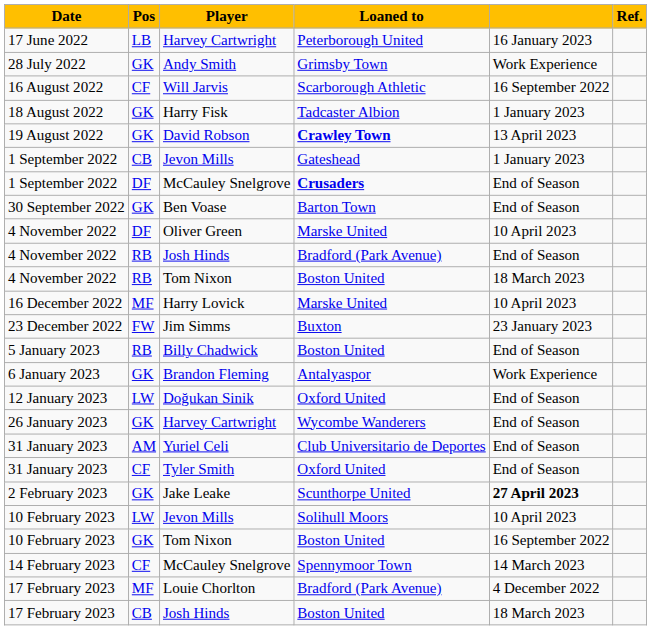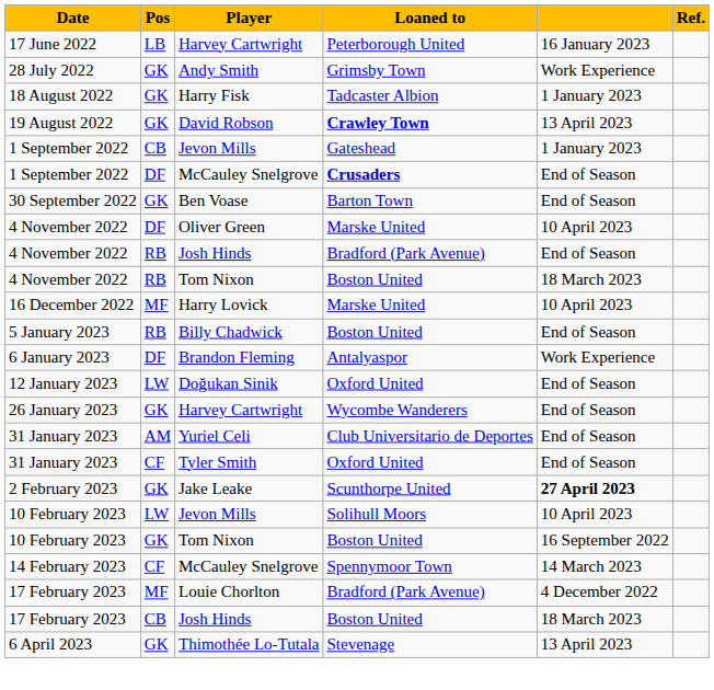 <table class="wikitable plainrowheaders sortable">
 <tr>
 <th style="background:#ffbf00; color:#000000; ">Date</th>
 <th style="background:#ffbf00; color:#000000; ">Pos</th>
 <th style="background:#ffbf00; color:#000000; ">Player</th>
 <th style="background:#ffbf00; color:#000000; ">Loaned to</th>
 <th style="background:#ffbf00; color:#000000; "></th>
 <th style="background:#ffbf00; color:#000000; ">Ref.</th>
 </tr>
 <tr>
 <td>17 June 2022</td>
 <td><a href='#'>LB</a></td>
 <td> <a href='#'>Harvey Cartwright</a></td>
 <td> <a href='#'>Peterborough United</a></td>
 <td>16 January 2023</td>
 <td></td>
 </tr>
 <tr>
 <td>28 July 2022</td>
 <td><a href='#'>GK</a></td>
 <td> <a href='#'>Andy Smith</a></td>
 <td> <a href='#'>Grimsby Town</a></td>
 <td>Work Experience</td>
-<td></td>
-</tr>
-<tr>
-<td>16 August 2022</td>
-<td><a href='#'>CF</a></td>
-<td> <a href='#'>Will Jarvis</a></td>
-<td> <a href='#'>Scarborough Athletic</a></td>
-<td>16 September 2022</td>
 <td></td>
 </tr>
 <tr>
 <td>18 August 2022</td>
 <td><a href='#'>GK</a></td>
 <td> Harry Fisk</td>
 <td> <a href='#'>Tadcaster Albion</a></td>
 <td>1 January 2023</td>
 <td></td>
 </tr>
 <tr>
 <td>19 August 2022</td>
 <td><a href='#'>GK</a></td>
 <td> <a href='#'>David Robson</a></td>
 <td><strong> <a href='#'>Crawley Town</a></strong></td>
 <td>13 April 2023</td>
 <td></td>
 </tr>
 <tr>
 <td>1 September 2022</td>
 <td><a href='#'>CB</a></td>
 <td> <a href='#'>Jevon Mills</a></td>
 <td> <a href='#'>Gateshead</a></td>
 <td>1 January 2023</td>
 <td></td>
 </tr>
 <tr>
 <td>1 September 2022</td>
 <td><a href='#'>DF</a></td>
 <td> McCauley Snelgrove</td>
 <td><strong> <a href='#'>Crusaders</a></strong></td>
 <td>End of Season</td>
 <td></td>
 </tr>
 <tr>
 <td>30 September 2022</td>
 <td><a href='#'>GK</a></td>
 <td> Ben Voase</td>
 <td> <a href='#'>Barton Town</a></td>
 <td>End of Season</td>
 <td></td>
 </tr>
 <tr>
 <td>4 November 2022</td>
 <td><a href='#'>DF</a></td>
 <td> Oliver Green</td>
 <td> <a href='#'>Marske United</a></td>
 <td>10 April 2023</td>
 <td></td>
 </tr>
 <tr>
 <td>4 November 2022</td>
 <td><a href='#'>RB</a></td>
 <td> <a href='#'>Josh Hinds</a></td>
 <td> <a href='#'>Bradford (Park Avenue)</a></td>
 <td>End of Season</td>
 <td></td>
 </tr>
 <tr>
 <td>4 November 2022</td>
 <td><a href='#'>RB</a></td>
 <td> Tom Nixon</td>
 <td> <a href='#'>Boston United</a></td>
 <td>18 March 2023</td>
 <td></td>
 </tr>
 <tr>
 <td>16 December 2022</td>
 <td><a href='#'>MF</a></td>
 <td> Harry Lovick</td>
 <td> <a href='#'>Marske United</a></td>
 <td>10 April 2023</td>
 <td></td>
 </tr>
 <tr>
-<td>23 December 2022</td>
-<td><a href='#'>FW</a></td>
-<td> Jim Simms</td>
-<td> <a href='#'>Buxton</a></td>
-<td>23 January 2023</td>
-<td></td>
-</tr>
-<tr>
 <td>5 January 2023</td>
 <td><a href='#'>RB</a></td>
 <td> <a href='#'>Billy Chadwick</a></td>
 <td> <a href='#'>Boston United</a></td>
 <td>End of Season</td>
 <td></td>
 </tr>
 <tr>
 <td>6 January 2023</td>
-<td><a href='#'>GK</a></td>
+<td><a href='#'>DF</a></td>
 <td> <a href='#'>Brandon Fleming</a></td>
 <td> <a href='#'>Antalyaspor</a></td>
 <td>Work Experience</td>
 <td></td>
 </tr>
 <tr>
 <td>12 January 2023</td>
 <td><a href='#'>LW</a></td>
 <td> <a href='#'>Doğukan Sinik</a></td>
 <td> <a href='#'>Oxford United</a></td>
 <td>End of Season</td>
 <td></td>
 </tr>
 <tr>
 <td>26 January 2023</td>
 <td><a href='#'>GK</a></td>
 <td> <a href='#'>Harvey Cartwright</a></td>
 <td> <a href='#'>Wycombe Wanderers</a></td>
 <td>End of Season</td>
 <td></td>
 </tr>
 <tr>
 <td>31 January 2023</td>
 <td><a href='#'>AM</a></td>
 <td> <a href='#'>Yuriel Celi</a></td>
 <td> <a href='#'>Club Universitario de Deportes</a></td>
 <td>End of Season</td>
 <td></td>
 </tr>
 <tr>
 <td>31 January 2023</td>
 <td><a href='#'>CF</a></td>
 <td> <a href='#'>Tyler Smith</a></td>
 <td> <a href='#'>Oxford United</a></td>
 <td>End of Season</td>
 <td></td>
 </tr>
 <tr>
 <td>2 February 2023</td>
 <td><a href='#'>GK</a></td>
 <td> Jake Leake</td>
 <td> <a href='#'>Scunthorpe United</a></td>
 <td><strong>27 April 2023</strong></td>
 <td></td>
 </tr>
 <tr>
 <td>10 February 2023</td>
 <td><a href='#'>LW</a></td>
 <td> <a href='#'>Jevon Mills</a></td>
 <td> <a href='#'>Solihull Moors</a></td>
 <td>10 April 2023</td>
 <td></td>
 </tr>
 <tr>
 <td>10 February 2023</td>
 <td><a href='#'>GK</a></td>
 <td> Tom Nixon</td>
 <td> <a href='#'>Boston United</a></td>
 <td>16 September 2022</td>
 <td></td>
 </tr>
 <tr>
 <td>14 February 2023</td>
 <td><a href='#'>CF</a></td>
 <td> McCauley Snelgrove</td>
 <td> <a href='#'>Spennymoor Town</a></td>
 <td>14 March 2023</td>
 <td></td>
 </tr>
 <tr>
 <td>17 February 2023</td>
 <td><a href='#'>MF</a></td>
 <td> Louie Chorlton</td>
 <td> <a href='#'>Bradford (Park Avenue)</a></td>
 <td>4 December 2022</td>
 <td></td>
 </tr>
 <tr>
 <td>17 February 2023</td>
 <td><a href='#'>CB</a></td>
 <td> <a href='#'>Josh Hinds</a></td>
 <td> <a href='#'>Boston United</a></td>
 <td>18 March 2023</td>
 <td></td>
 </tr>
+<tr>
+<td>6 April 2023</td>
+<td><a href='#'>GK</a></td>
+<td> <a href='#'>Thimothée Lo-Tutala</a></td>
+<td> <a href='#'>Stevenage</a></td>
+<td>13 April 2023</td>
+<td></td>
+</tr>
 </table>
